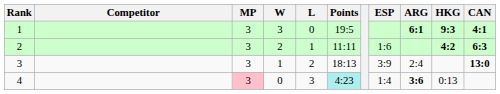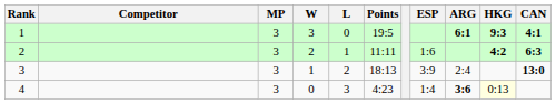 <table class="wikitable" style="text-align:center">
 <tr>
 <th>Rank</th>
 <th style="width:18em">Competitor</th>
 <th style="width:2.5em">MP</th>
 <th style="width:2.5em">W</th>
 <th style="width:2.5em">L</th>
 <th>Points</th>
 <th rowspan="5"> </th>
 <th style="width:2.5em">ESP</th>
 <th style="width:2.5em">ARG</th>
 <th style="width:2.5em">HKG</th>
 <th style="width:2.5em">CAN</th>
 </tr>
 <tr style="background:#cfc;">
 <td>1</td>
 <td style="text-align:left"></td>
 <td>3</td>
 <td>3</td>
 <td>0</td>
 <td>19:5</td>
 <td></td>
 <td><strong>6:1</strong></td>
 <td><strong>9:3</strong></td>
 <td><strong>4:1</strong></td>
 </tr>
 <tr style="background:#cfc;">
 <td>2</td>
 <td style="text-align:left"></td>
 <td>3</td>
 <td>2</td>
 <td>1</td>
 <td>11:11</td>
 <td>1:6</td>
 <td></td>
 <td><strong>4:2</strong></td>
 <td><strong>6:3</strong></td>
 </tr>
 <tr>
 <td>3</td>
 <td style="text-align:left"></td>
 <td>3</td>
 <td>1</td>
 <td>2</td>
 <td>18:13</td>
 <td>3:9</td>
 <td>2:4</td>
 <td></td>
 <td><strong>13:0</strong></td>
 </tr>
 <tr>
 <td>4</td>
 <td style="text-align:left"></td>
-<td style="background: pink;">3</td>
+<td>3</td>
 <td>0</td>
 <td>3</td>
-<td style="background: paleturquoise;">4:23</td>
+<td>4:23</td>
 <td>1:4</td>
 <td><strong>3:6</strong></td>
-<td>0:13</td>
+<td style="background: lightyellow;">0:13</td>
 <td></td>
 </tr>
 </table>
